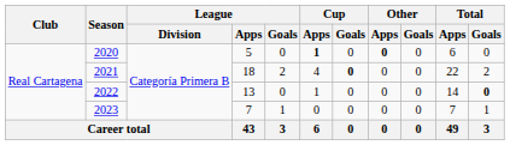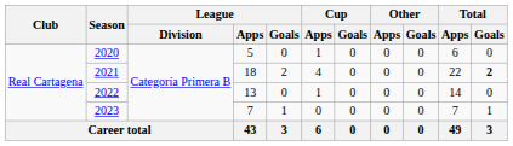 <table class=wikitable style=text-align:center>
 <tr>
 <th rowspan="2">Club</th>
 <th rowspan="2">Season</th>
 <th colspan="3">League</th>
 <th colspan="2">Cup</th>
 <th colspan="2">Other</th>
 <th colspan="2">Total</th>
 </tr>
 <tr>
 <th>Division</th>
 <th>Apps</th>
 <th>Goals</th>
 <th>Apps</th>
 <th>Goals</th>
 <th>Apps</th>
 <th>Goals</th>
 <th>Apps</th>
 <th>Goals</th>
 </tr>
 <tr>
 <td rowspan="4"><a href='#'>Real Cartagena</a></td>
 <td><a href='#'>2020</a></td>
 <td rowspan="4"><a href='#'>Categoría Primera B</a></td>
 <td>5</td>
 <td>0</td>
-<td><strong>1</strong></td>
+<td>1</td>
 <td>0</td>
-<td><strong>0</strong></td>
+<td>0</td>
 <td>0</td>
 <td>6</td>
 <td>0</td>
 </tr>
 <tr>
 <td><a href='#'>2021</a></td>
 <td>18</td>
 <td>2</td>
 <td>4</td>
-<td><strong>0</strong></td>
+<td>0</td>
 <td>0</td>
 <td>0</td>
 <td>22</td>
-<td>2</td>
+<td><strong>2</strong></td>
 </tr>
 <tr>
 <td><a href='#'>2022</a></td>
 <td>13</td>
 <td>0</td>
 <td>1</td>
 <td>0</td>
 <td>0</td>
 <td>0</td>
 <td>14</td>
-<td><strong>0</strong></td>
+<td>0</td>
 </tr>
 <tr>
 <td><a href='#'>2023</a></td>
 <td>7</td>
 <td>1</td>
 <td>0</td>
 <td>0</td>
 <td>0</td>
 <td>0</td>
 <td>7</td>
 <td>1</td>
 </tr>
 <tr>
 <th colspan="3"><strong>Career total</strong></th>
 <th>43</th>
 <th>3</th>
 <th>6</th>
 <th>0</th>
 <th>0</th>
 <th>0</th>
 <th>49</th>
 <th>3</th>
 </tr>
 </table>
